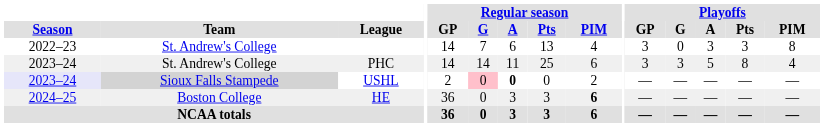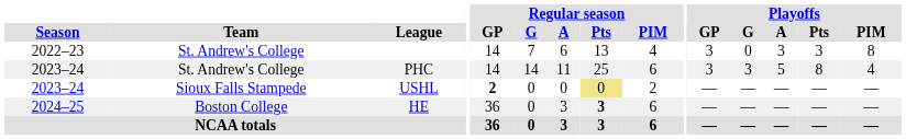 <table border="0" cellpadding="1" cellspacing="0" style="text-align:center; width:60em;">
 <tr bgcolor="#e0e0e0">
 <th colspan="3" bgcolor="#ffffff"></th>
 <th rowspan="94" bgcolor="#ffffff"></th>
 <th colspan="5"><a href='#'>Regular season</a></th>
 <th rowspan="94" bgcolor="#ffffff"></th>
 <th colspan="5"><a href='#'>Playoffs</a></th>
 </tr>
 <tr bgcolor="#e0e0e0">
 <th><a href='#'>Season</a></th>
 <th>Team</th>
 <th>League</th>
 <th>GP</th>
 <th><a href='#'>G</a></th>
 <th><a href='#'>A</a></th>
 <th><a href='#'>Pts</a></th>
 <th><a href='#'>PIM</a></th>
 <th>GP</th>
 <th>G</th>
 <th>A</th>
 <th>Pts</th>
 <th>PIM</th>
 </tr>
 <tr>
 <td>2022–23</td>
 <td><a href='#'>St. Andrew's College</a></td>
 <td></td>
 <td>14</td>
 <td>7</td>
 <td>6</td>
 <td>13</td>
 <td>4</td>
 <td>3</td>
 <td>0</td>
 <td>3</td>
 <td>3</td>
 <td>8</td>
 </tr>
 <tr bgcolor="f0f0f0">
 <td>2023–24</td>
 <td>St. Andrew's College</td>
 <td>PHC</td>
 <td>14</td>
 <td>14</td>
 <td>11</td>
 <td>25</td>
 <td>6</td>
 <td>3</td>
 <td>3</td>
 <td>5</td>
 <td>8</td>
 <td>4</td>
 </tr>
 <tr>
-<td style="background: lavender;"><a href='#'>2023–24</a></td>
-<td style="background: lightgrey;"><a href='#'>Sioux Falls Stampede</a></td>
+<td><a href='#'>2023–24</a></td>
+<td><a href='#'>Sioux Falls Stampede</a></td>
 <td><a href='#'>USHL</a></td>
-<td>2</td>
-<td style="background: pink;">0</td>
-<td><strong>0</strong></td>
+<td><strong>2</strong></td>
 <td>0</td>
+<td>0</td>
+<td style="background: khaki;">0</td>
 <td>2</td>
 <td>—</td>
 <td>—</td>
 <td>—</td>
 <td>—</td>
 <td>—</td>
 </tr>
 <tr bgcolor="f0f0f0">
 <td><a href='#'>2024–25</a></td>
 <td><a href='#'>Boston College</a></td>
 <td><a href='#'>HE</a></td>
 <td>36</td>
 <td>0</td>
 <td>3</td>
-<td>3</td>
-<td><strong>6</strong></td>
+<td><strong>3</strong></td>
+<td>6</td>
 <td>—</td>
 <td>—</td>
 <td>—</td>
 <td>—</td>
 <td>—</td>
 </tr>
 <tr bgcolor="#e0e0e0">
 <th colspan="3">NCAA totals</th>
 <th>36</th>
 <th>0</th>
 <th>3</th>
 <th>3</th>
 <th>6</th>
 <th>—</th>
 <th>—</th>
 <th>—</th>
 <th>—</th>
 <th>—</th>
 </tr>
 </table>
